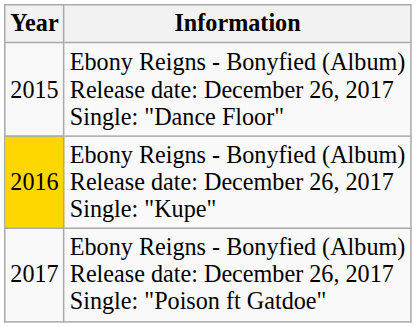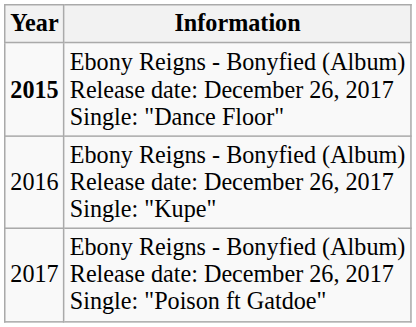 <table class="wikitable">
 <tr>
 <th>Year</th>
 <th>Information</th>
 </tr>
 <tr>
-<td>2015</td>
+<td><strong>2015</strong></td>
 <td>Ebony Reigns - Bonyfied (Album)<br>Release date: December 26, 2017<br>Single: "Dance Floor"</td>
 </tr>
 <tr>
-<td style="background: gold;">2016</td>
+<td>2016</td>
 <td>Ebony Reigns - Bonyfied (Album)<br>Release date: December 26, 2017<br>Single: "Kupe"</td>
 </tr>
 <tr>
 <td>2017</td>
 <td>Ebony Reigns - Bonyfied (Album)<br>Release date: December 26, 2017<br>Single: "Poison ft Gatdoe"</td>
 </tr>
 </table>
